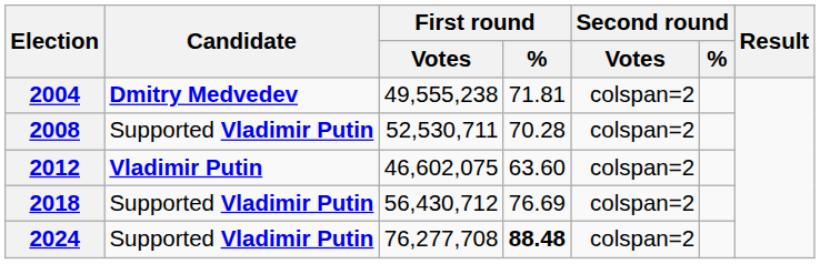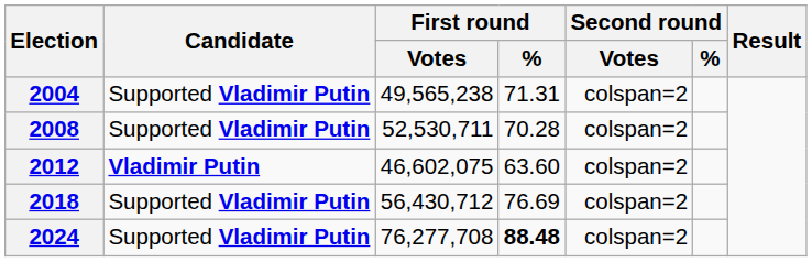 <table class=wikitable style=text-align:right>
 <tr>
 <th rowspan="2">Election</th>
 <th rowspan="2">Candidate</th>
 <th colspan="2" scope="col">First round</th>
 <th colspan="2">Second round</th>
 <th rowspan="2">Result</th>
 </tr>
 <tr>
 <th>Votes</th>
 <th>%</th>
 <th>Votes</th>
 <th>%</th>
 </tr>
 <tr>
 <th><a href='#'>2004</a></th>
-<td align=left><strong><a href='#'>Dmitry Medvedev</a></strong></td>
-<td>49,555,238</td>
-<td>71.81</td>
+<td align=left>Supported <strong><a href='#'>Vladimir Putin</a></strong></td>
+<td>49,565,238</td>
+<td>71.31</td>
 <td>colspan=2 </td>
 <td></td>
 </tr>
 <tr>
 <th><a href='#'>2008</a></th>
 <td align=left>Supported <strong><a href='#'>Vladimir Putin</a></strong></td>
 <td>52,530,711</td>
 <td>70.28</td>
 <td>colspan=2 </td>
 <td></td>
 </tr>
 <tr>
 <th><a href='#'>2012</a></th>
 <td align=left><strong><a href='#'>Vladimir Putin</a></strong></td>
 <td>46,602,075</td>
 <td>63.60</td>
 <td>colspan=2 </td>
 <td></td>
 </tr>
 <tr>
 <th><a href='#'>2018</a></th>
 <td align=left>Supported <strong><a href='#'>Vladimir Putin</a></strong></td>
 <td>56,430,712</td>
 <td>76.69</td>
 <td>colspan=2 </td>
 <td></td>
 </tr>
 <tr>
 <th><a href='#'>2024</a></th>
 <td align=left>Supported <strong><a href='#'>Vladimir Putin</a></strong></td>
 <td>76,277,708</td>
 <td><strong>88.48</strong></td>
 <td>colspan=2 </td>
 <td></td>
 </tr>
 </table>
